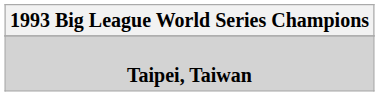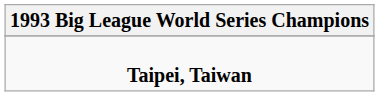 <table class="wikitable" style="text-align: center; margin: 0 auto;">
 <tr>
 <th>1993 Big League World Series Champions</th>
 </tr>
 <tr>
 </tr>
 <tr>
-<td style="background: lightgrey;"><br><strong>Taipei, Taiwan</strong></td>
+<td><br><strong>Taipei, Taiwan</strong></td>
 </tr>
 </table>
